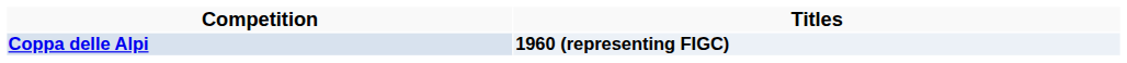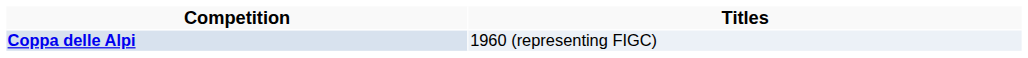 <table style="background: #f9f9f9; border: 2px #aaa solid; border-collapse: collapse; border-color: white; color:black; font-size: 95%;" width="850" cellspacing="0" border= "1">
 <tr>
 <th width="250">Competition</th>
 <th width="300">Titles</th>
 </tr>
 <tr style="font-size: 90%;">
 <td bgcolor="#d8e2ee"><strong><a href='#'>Coppa delle Alpi</a></strong></td>
-<td bgcolor="#ecf1f7"><strong>1960 (representing FIGC)</strong></td>
+<td bgcolor="#ecf1f7">1960 (representing FIGC)</td>
 </tr>
 </table>
